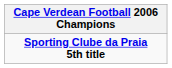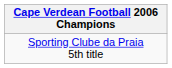 <table class="wikitable" style="margin: 0 auto; width: 240px;">
 <tr>
 <th><a href='#'>Cape Verdean Football</a> 2006<br>Champions</th>
 </tr>
 <tr>
-<td align=center><strong><a href='#'>Sporting Clube da Praia</a><br>5th title</strong></td>
+<td align=center><a href='#'>Sporting Clube da Praia</a><br>5th title</td>
 </tr>
 </table>
